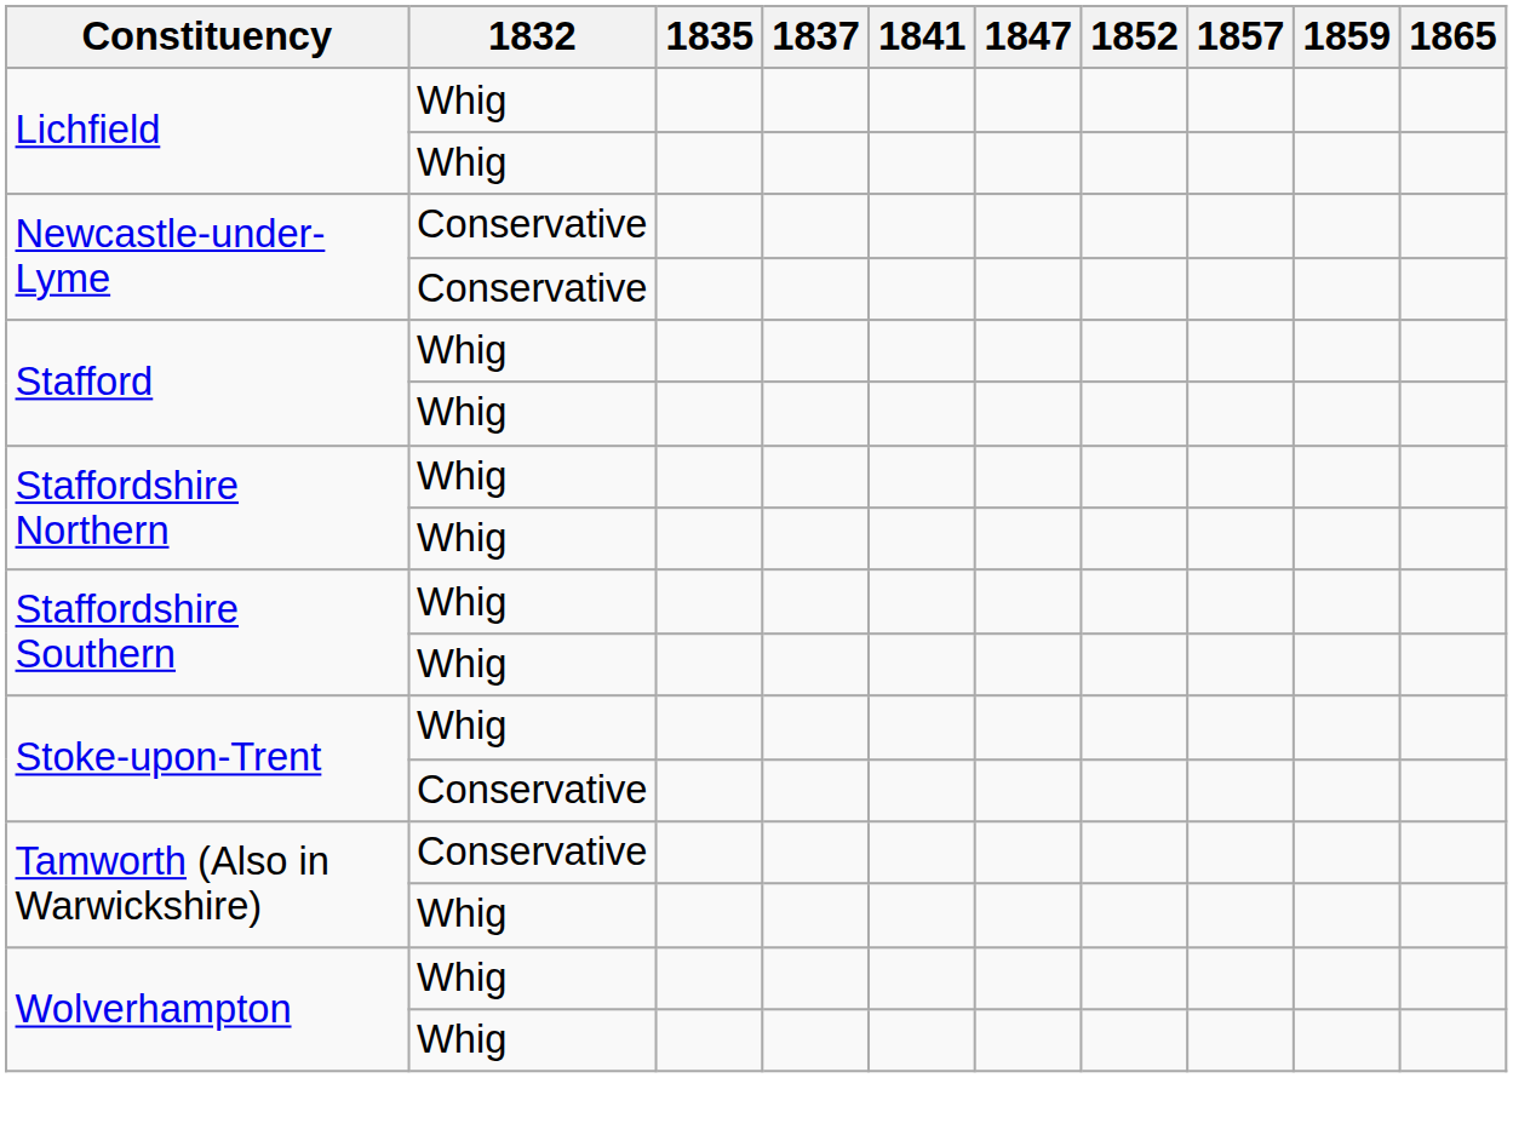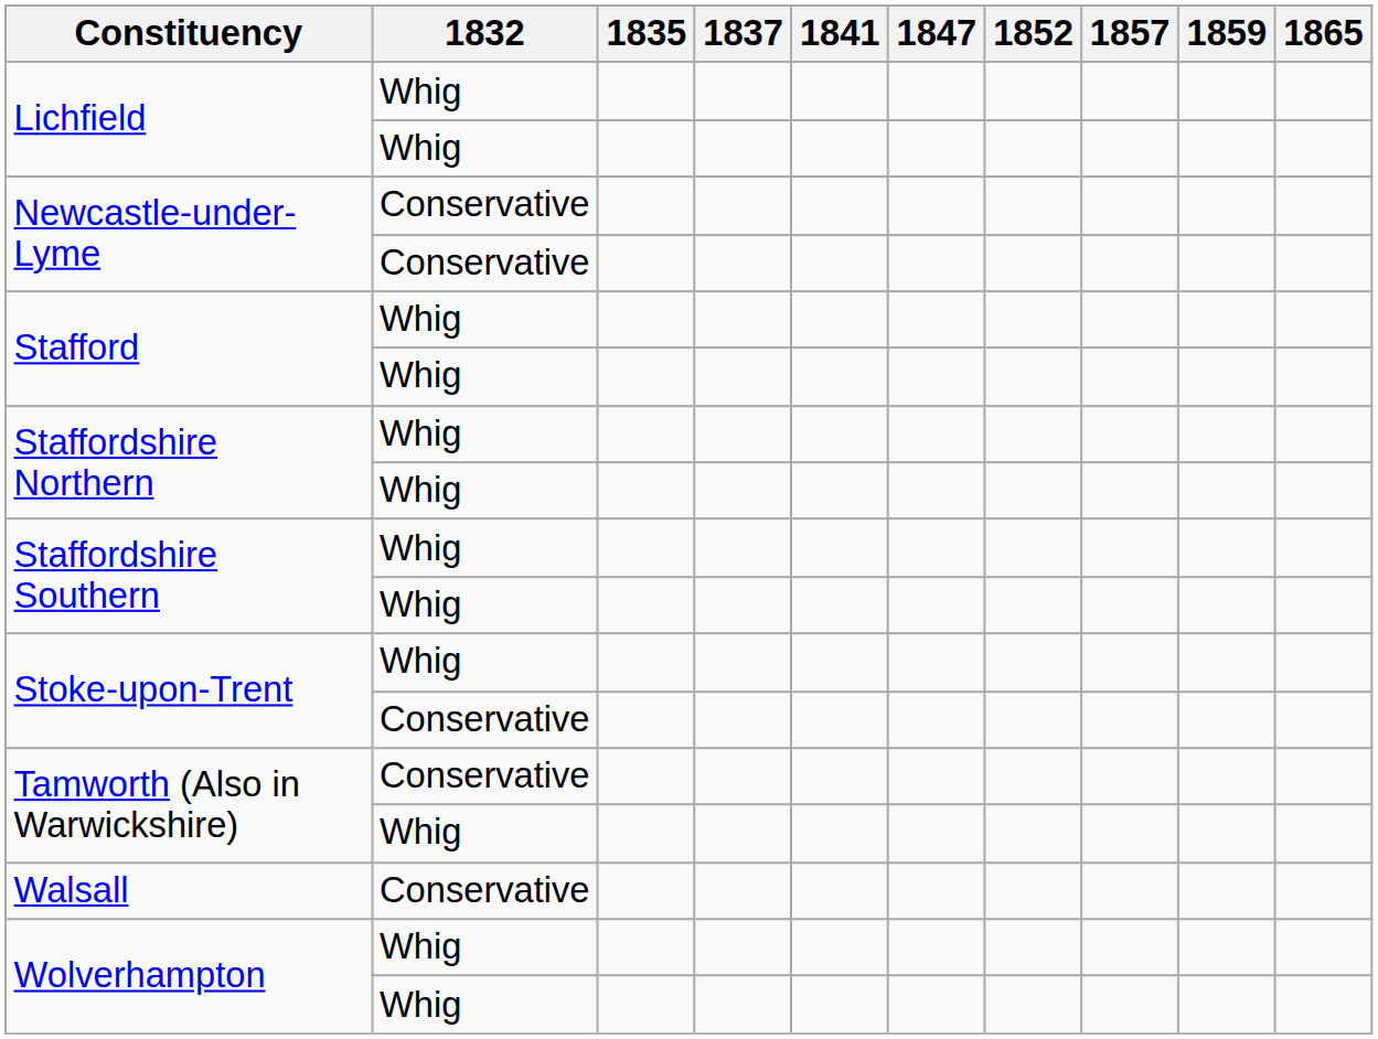 <table class=wikitable sortable>
 <tr>
 <th>Constituency</th>
 <th>1832</th>
 <th>1835</th>
 <th>1837</th>
 <th>1841</th>
 <th>1847</th>
 <th>1852</th>
 <th>1857</th>
 <th>1859</th>
 <th>1865</th>
 </tr>
 <tr>
 <td rowspan=2><a href='#'>Lichfield</a></td>
 <td bgcolor=>Whig</td>
 <td></td>
 <td></td>
 <td></td>
 <td></td>
 <td></td>
 <td></td>
 <td></td>
 <td></td>
 </tr>
 <tr>
 <td bgcolor=>Whig</td>
 <td></td>
 <td></td>
 <td></td>
 <td></td>
 <td></td>
 <td></td>
 <td></td>
 <td></td>
 </tr>
 <tr>
 <td rowspan=2><a href='#'>Newcastle-under-Lyme</a></td>
 <td bgcolor=>Conservative</td>
 <td></td>
 <td></td>
 <td></td>
 <td></td>
 <td></td>
 <td></td>
 <td></td>
 <td></td>
 </tr>
 <tr>
 <td bgcolor=>Conservative</td>
 <td></td>
 <td></td>
 <td></td>
 <td></td>
 <td></td>
 <td></td>
 <td></td>
 <td></td>
 </tr>
 <tr>
 <td rowspan=2><a href='#'>Stafford</a></td>
 <td bgcolor=>Whig</td>
 <td></td>
 <td></td>
 <td></td>
 <td></td>
 <td></td>
 <td></td>
 <td></td>
 <td></td>
 </tr>
 <tr>
 <td bgcolor=>Whig</td>
 <td></td>
 <td></td>
 <td></td>
 <td></td>
 <td></td>
 <td></td>
 <td></td>
 <td></td>
 </tr>
 <tr>
 <td rowspan=2><a href='#'>Staffordshire Northern</a></td>
 <td bgcolor=>Whig</td>
 <td></td>
 <td></td>
 <td></td>
 <td></td>
 <td></td>
 <td></td>
 <td></td>
 <td></td>
 </tr>
 <tr>
 <td bgcolor=>Whig</td>
 <td></td>
 <td></td>
 <td></td>
 <td></td>
 <td></td>
 <td></td>
 <td></td>
 <td></td>
 </tr>
 <tr>
 <td rowspan=2><a href='#'>Staffordshire Southern</a></td>
 <td bgcolor=>Whig</td>
 <td></td>
 <td></td>
 <td></td>
 <td></td>
 <td></td>
 <td></td>
 <td></td>
 <td></td>
 </tr>
 <tr>
 <td bgcolor=>Whig</td>
 <td></td>
 <td></td>
 <td></td>
 <td></td>
 <td></td>
 <td></td>
 <td></td>
 <td></td>
 </tr>
 <tr>
 <td rowspan="2"><a href='#'>Stoke-upon-Trent</a></td>
 <td>Whig</td>
 <td></td>
 <td></td>
 <td></td>
 <td></td>
 <td></td>
 <td></td>
 <td></td>
 <td></td>
 </tr>
 <tr>
 <td>Conservative</td>
 <td></td>
 <td></td>
 <td></td>
 <td></td>
 <td></td>
 <td></td>
 <td></td>
 <td></td>
 </tr>
 <tr>
 <td rowspan="2"><a href='#'>Tamworth</a> (Also in Warwickshire)</td>
 <td>Conservative</td>
 <td></td>
 <td></td>
 <td></td>
 <td></td>
 <td></td>
 <td></td>
 <td></td>
 <td></td>
 </tr>
 <tr>
 <td>Whig</td>
 <td></td>
 <td></td>
 <td></td>
 <td></td>
 <td></td>
 <td></td>
 <td></td>
 <td></td>
 </tr>
 <tr>
+<td><a href='#'>Walsall</a></td>
+<td>Conservative</td>
+<td></td>
+<td></td>
+<td></td>
+<td></td>
+<td></td>
+<td></td>
+<td></td>
+<td></td>
+</tr>
+<tr>
 <td rowspan="2"><a href='#'>Wolverhampton</a></td>
 <td>Whig</td>
 <td></td>
 <td></td>
 <td></td>
 <td></td>
 <td></td>
 <td></td>
 <td></td>
 <td></td>
 </tr>
 <tr>
 <td>Whig</td>
 <td></td>
 <td></td>
 <td></td>
 <td></td>
 <td></td>
 <td></td>
 <td></td>
 <td></td>
 </tr>
 </table>
